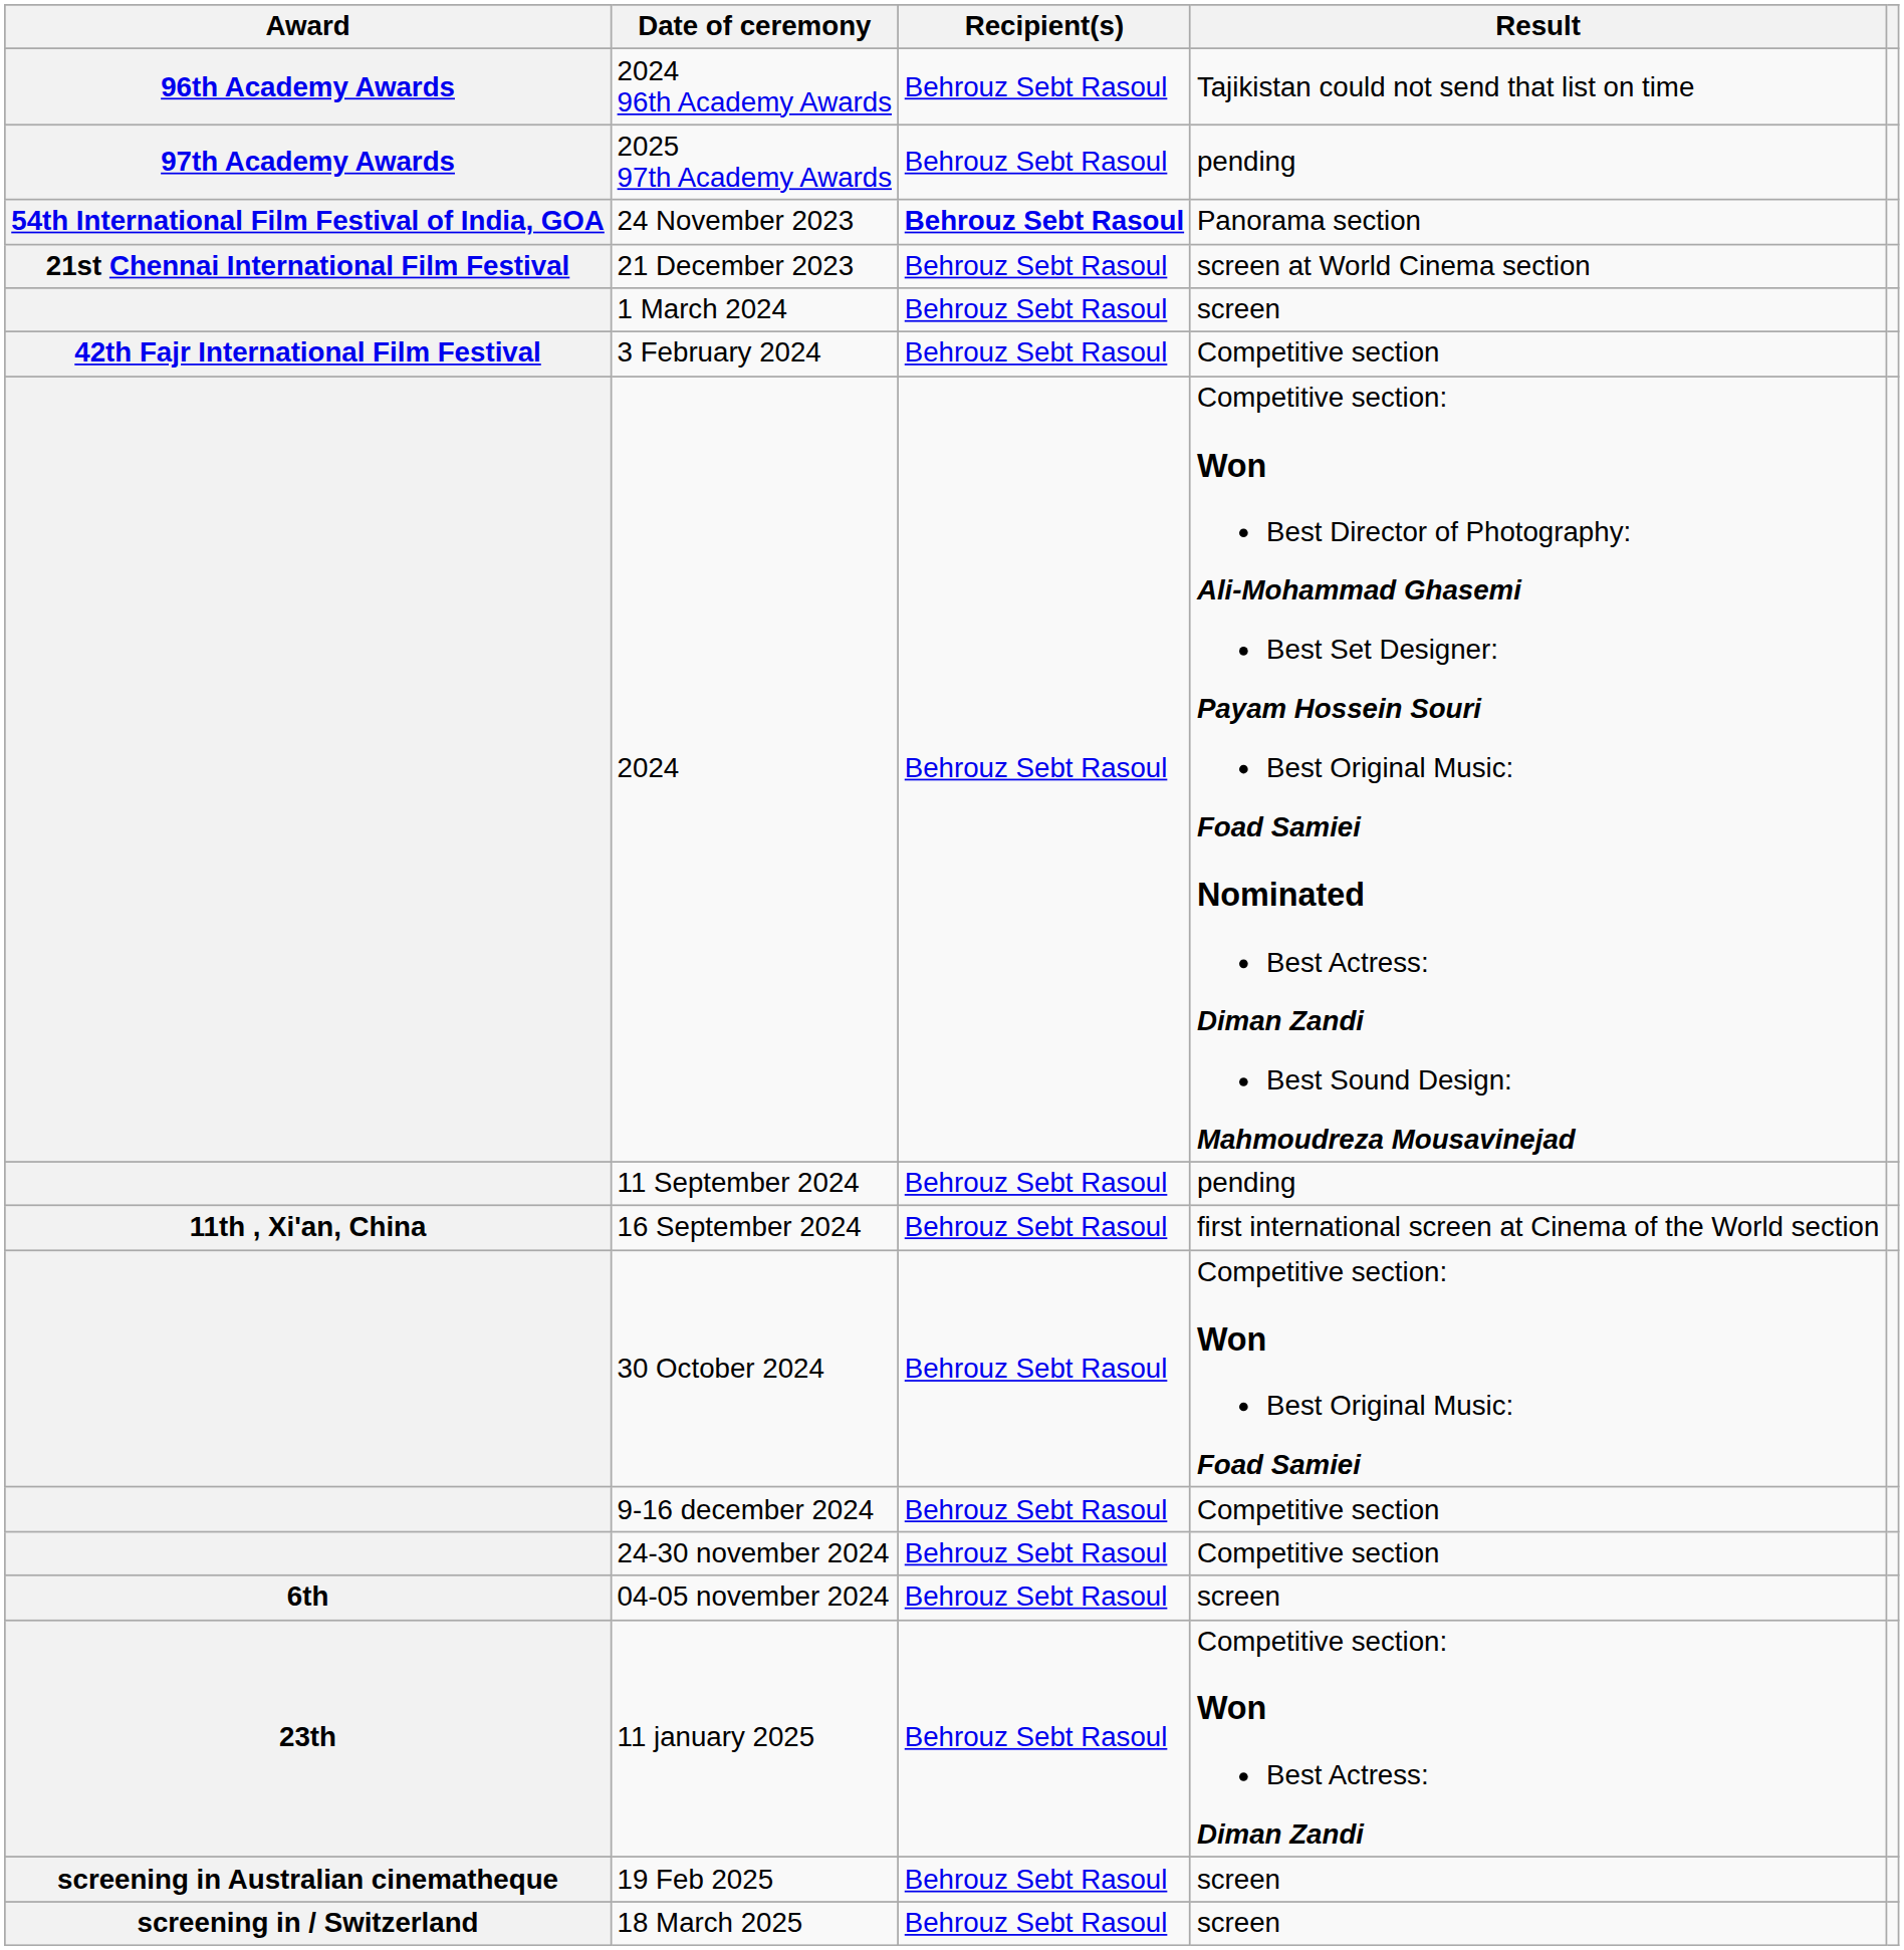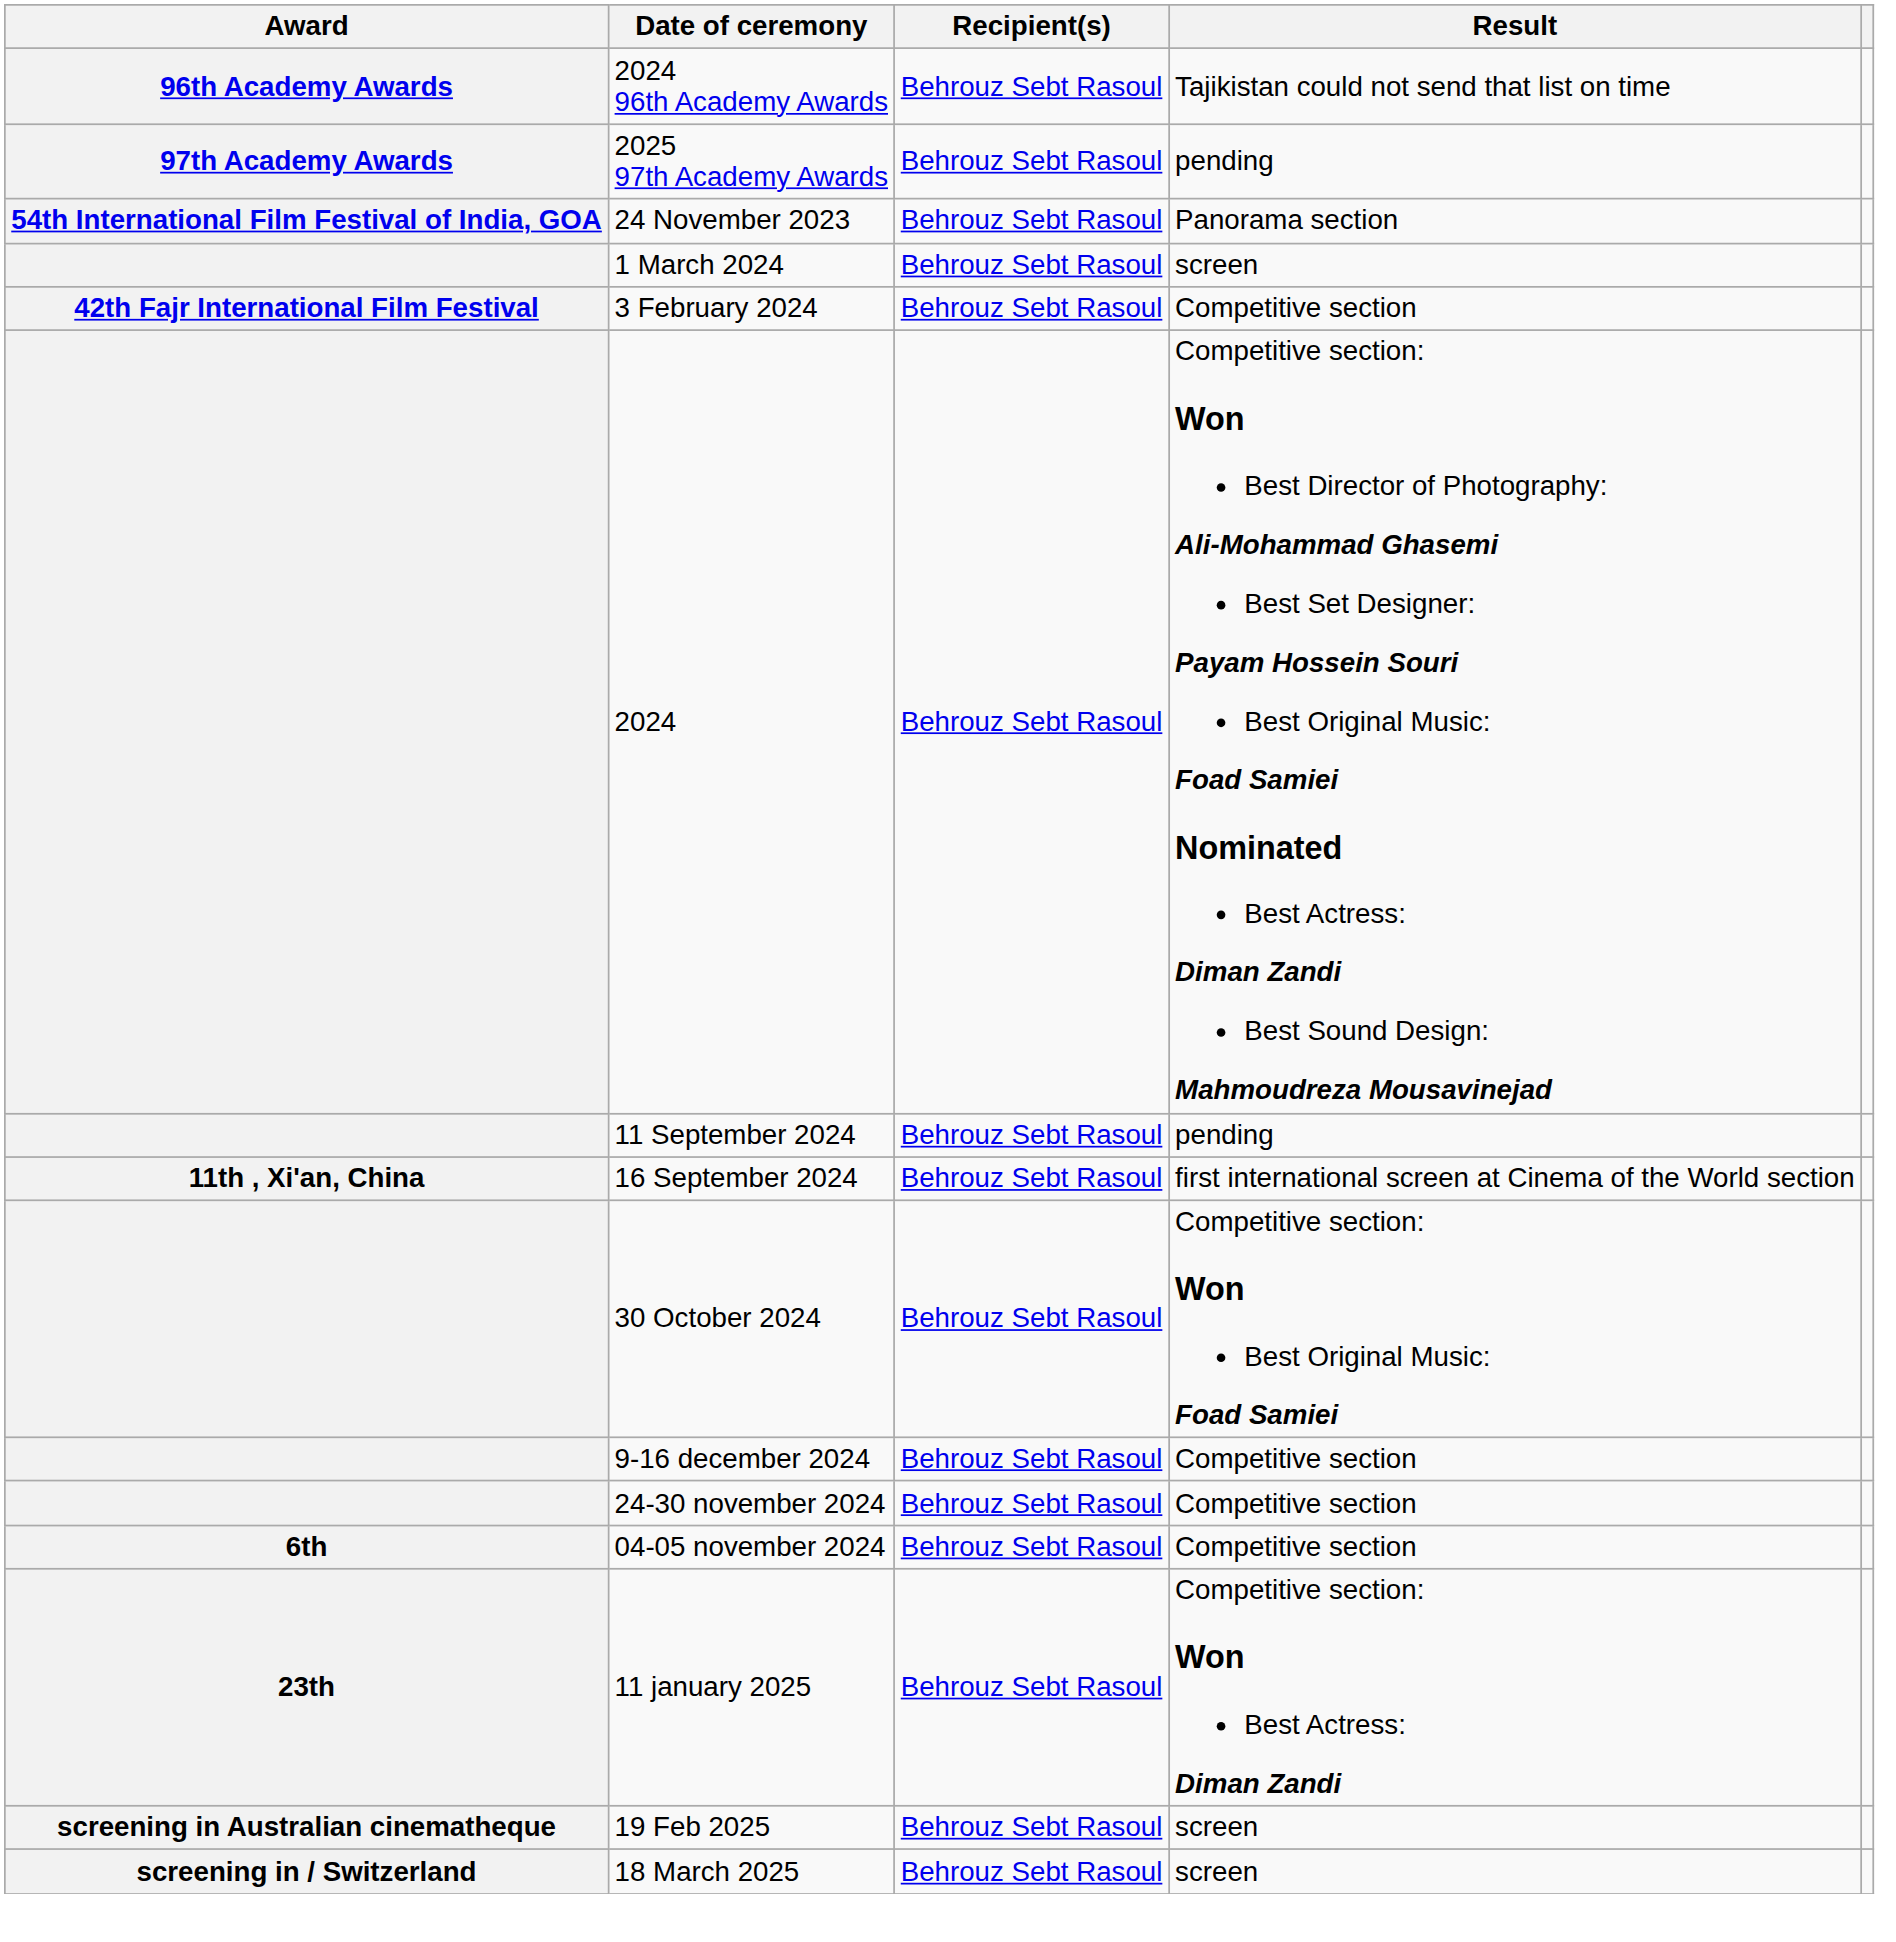 <table class="wikitable plainrowheaders sortable">
 <tr>
 <th scope="col">Award</th>
 <th scope="col">Date of ceremony</th>
 <th scope="col">Recipient(s)</th>
 <th scope="col">Result</th>
 <th scope="col" class="unsortable"></th>
 </tr>
 <tr>
 <th scope="row"><a href='#'>96th Academy Awards</a></th>
 <td>2024<br><a href='#'>96th Academy Awards</a></td>
 <td><a href='#'>Behrouz Sebt Rasoul</a></td>
 <td>Tajikistan could not send that list on time</td>
 <td></td>
 </tr>
 <tr>
 <th scope="row"><a href='#'>97th Academy Awards</a></th>
 <td>2025<br><a href='#'>97th Academy Awards</a></td>
 <td><a href='#'>Behrouz Sebt Rasoul</a></td>
 <td>pending</td>
 <td></td>
 </tr>
 <tr>
 <th scope="row"><a href='#'>54th International Film Festival of India, GOA</a></th>
 <td>24 November 2023</td>
-<td><strong><a href='#'>Behrouz Sebt Rasoul</a></strong></td>
+<td><a href='#'>Behrouz Sebt Rasoul</a></td>
 <td>Panorama section</td>
-<td></td>
-</tr>
-<tr>
-<th scope="row">21st <a href='#'>Chennai International Film Festival</a></th>
-<td>21 December 2023</td>
-<td><a href='#'>Behrouz Sebt Rasoul</a></td>
-<td>screen at World Cinema section</td>
 <td></td>
 </tr>
 <tr>
 <th scope="row"></th>
 <td>1 March 2024</td>
 <td><a href='#'>Behrouz Sebt Rasoul</a></td>
 <td>screen</td>
 <td></td>
 </tr>
 <tr>
 <th scope="row"><a href='#'>42th Fajr International Film Festival</a></th>
 <td>3 February 2024</td>
 <td><a href='#'>Behrouz Sebt Rasoul</a></td>
 <td>Competitive section</td>
 <td></td>
 </tr>
 <tr>
 <th scope="row"></th>
 <td>2024</td>
 <td><a href='#'>Behrouz Sebt Rasoul</a></td>
 <td>Competitive section:<br><h3>Won</h3><ul><li>Best Director of Photography:</li></ul><strong><em>Ali-Mohammad Ghasemi</em></strong><ul><li>Best Set Designer:</li></ul><strong><em>Payam Hossein Souri</em></strong><ul><li>Best Original Music:</li></ul><strong><em>Foad Samiei</em></strong><h3>Nominated</h3><ul><li>Best Actress:</li></ul><strong><em>Diman Zandi</em></strong><ul><li>Best Sound Design:</li></ul><strong><em>Mahmoudreza Mousavinejad</em></strong></td>
 <td></td>
 </tr>
 <tr>
 <th scope="row"></th>
 <td>11 September 2024</td>
 <td><a href='#'>Behrouz Sebt Rasoul</a></td>
 <td>pending</td>
 <td></td>
 </tr>
 <tr>
 <th scope="row">11th , Xi'an, China</th>
 <td>16 September 2024</td>
 <td><a href='#'>Behrouz Sebt Rasoul</a></td>
 <td>first international screen at Cinema of the World section</td>
 <td></td>
 </tr>
 <tr>
 <th scope="row"></th>
 <td>30 October 2024</td>
 <td><a href='#'>Behrouz Sebt Rasoul</a></td>
 <td>Competitive section:<br><h3>Won</h3><ul><li>Best Original Music:</li></ul><strong><em>Foad Samiei</em></strong></td>
 <td></td>
 </tr>
 <tr>
 <th scope="row"></th>
 <td>9-16 december 2024</td>
 <td><a href='#'>Behrouz Sebt Rasoul</a></td>
 <td>Competitive section</td>
 <td></td>
 </tr>
 <tr>
 <th scope="row"></th>
 <td>24-30 november 2024</td>
 <td><a href='#'>Behrouz Sebt Rasoul</a></td>
 <td>Competitive section</td>
 <td></td>
 </tr>
 <tr>
 <th scope="row">6th </th>
 <td>04-05 november 2024</td>
 <td><a href='#'>Behrouz Sebt Rasoul</a></td>
-<td>screen</td>
+<td>Competitive section</td>
 <td></td>
 </tr>
 <tr>
 <th scope="row">23th </th>
 <td>11 january 2025</td>
 <td><a href='#'>Behrouz Sebt Rasoul</a></td>
 <td>Competitive section:<br><h3>Won</h3><ul><li>Best Actress:</li></ul><strong><em>Diman Zandi</em></strong></td>
 <td></td>
 </tr>
 <tr>
 <th scope="row">screening in Australian cinematheque</th>
 <td>19 Feb 2025</td>
 <td><a href='#'>Behrouz Sebt Rasoul</a></td>
 <td>screen</td>
 <td></td>
 </tr>
 <tr>
 <th scope="row">screening in / Switzerland</th>
 <td>18  March 2025</td>
 <td><a href='#'>Behrouz Sebt Rasoul</a></td>
 <td>screen</td>
 <td></td>
 </tr>
 </table>
